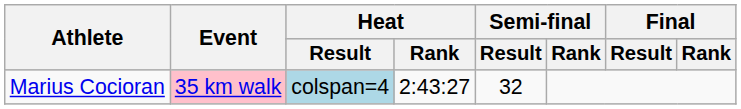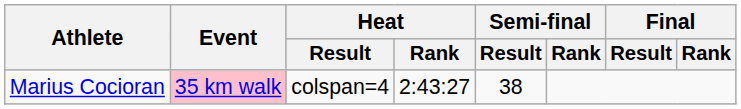 <table class="wikitable" style="font-size:90%">
 <tr>
 <th rowspan="2">Athlete</th>
 <th rowspan="2">Event</th>
 <th colspan="2">Heat</th>
 <th colspan="2">Semi-final</th>
 <th colspan="2">Final</th>
 </tr>
 <tr style="font-size:95%">
 <th>Result</th>
 <th>Rank</th>
 <th>Result</th>
 <th>Rank</th>
 <th>Result</th>
 <th>Rank</th>
 </tr>
 <tr align=center>
 <td align="left"><a href='#'>Marius Cocioran</a></td>
 <td align="left" style="background: pink;"><a href='#'>35 km walk</a></td>
-<td style="background: lightblue;">colspan=4 </td>
+<td>colspan=4 </td>
 <td>2:43:27</td>
-<td>32</td>
+<td>38</td>
 </tr>
 </table>
